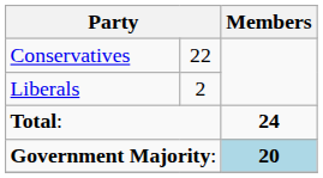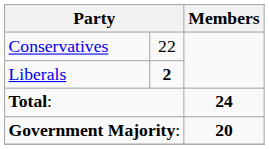 <table class="wikitable">
 <tr>
 <th colspan="2">Party</th>
 <th>Members</th>
 </tr>
 <tr>
 <td><a href='#'>Conservatives</a></td>
 <td align="center">22</td>
 </tr>
 <tr>
 <td><a href='#'>Liberals</a></td>
-<td align="center">2</td>
+<td align="center"><strong>2</strong></td>
 </tr>
 <tr>
 <td colspan = 2><strong>Total</strong>:</td>
 <td align="center"><strong>24</strong></td>
 </tr>
 <tr>
 <td colspan = 2><strong>Government Majority</strong>:</td>
-<td align="center" style="background: lightblue;"><strong>20</strong></td>
+<td align="center"><strong>20</strong></td>
 </tr>
 <tr>
 </tr>
 </table>
